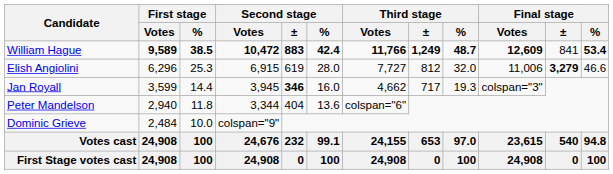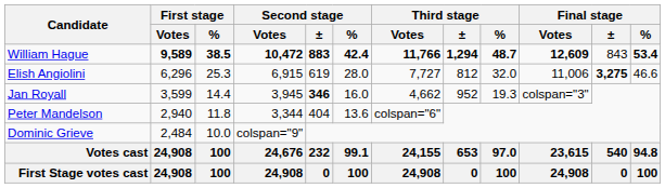 <table class="wikitable plainrowheaders" style="font-size:95%; text-align:right" |>
 <tr>
 <th rowspan="2">Candidate</th>
 <th colspan="2">First stage</th>
 <th colspan="3">Second stage</th>
 <th colspan="3">Third stage</th>
 <th colspan="3">Final stage</th>
 </tr>
 <tr>
 <th>Votes</th>
 <th style="width: 40px">%</th>
 <th style="width: 50px">Votes</th>
 <th>±</th>
 <th style="width: 40px">%</th>
 <th style="width: 50px">Votes</th>
 <th>±</th>
 <th style="width: 40px">%</th>
 <th style="width: 50px">Votes</th>
 <th style="width: 40px">±</th>
 <th>%</th>
 </tr>
 <tr>
 <td style="width: 170px; text-align:left"><a href='#'>William Hague</a></td>
 <td><strong>9,589</strong></td>
 <td><strong>38.5</strong></td>
 <td><strong>10,472</strong></td>
 <td><strong>883</strong></td>
 <td><strong>42.4</strong></td>
 <td><strong>11,766</strong></td>
-<td><strong>1,249</strong></td>
+<td><strong>1,294</strong></td>
 <td><strong>48.7</strong></td>
 <td><strong>12,609</strong></td>
-<td>841</td>
+<td>843</td>
 <td><strong>53.4</strong></td>
 </tr>
 <tr>
 <td style="width: 170px; text-align:left"><a href='#'>Elish Angiolini</a></td>
 <td>6,296</td>
 <td>25.3</td>
 <td>6,915</td>
 <td>619</td>
 <td>28.0</td>
 <td>7,727</td>
 <td>812</td>
 <td>32.0</td>
 <td>11,006</td>
-<td><strong>3,279</strong></td>
+<td><strong>3,275</strong></td>
 <td>46.6</td>
 </tr>
 <tr>
 <td style="width: 170px; text-align:left"><a href='#'>Jan Royall</a></td>
 <td>3,599</td>
 <td>14.4</td>
 <td>3,945</td>
 <td><strong>346</strong></td>
 <td>16.0</td>
 <td>4,662</td>
-<td>717</td>
+<td>952</td>
 <td>19.3</td>
 <td>colspan="3" </td>
 </tr>
 <tr>
 <td style="width: 170px; text-align:left"><a href='#'>Peter Mandelson</a></td>
 <td>2,940</td>
 <td>11.8</td>
 <td>3,344</td>
 <td>404</td>
 <td>13.6</td>
 <td>colspan="6" </td>
 </tr>
 <tr>
 <td style="width: 170px; text-align:left"><a href='#'>Dominic Grieve</a></td>
 <td>2,484</td>
 <td>10.0</td>
 <td>colspan="9" </td>
 </tr>
 <tr>
 <th style="text-align:right;">Votes cast</th>
 <th scope="row" style="text-align:right;">24,908</th>
 <th scope="row" style="text-align:right;">100</th>
 <th scope="row" style="text-align:right;">24,676</th>
 <th scope="row" style="text-align:right;">232</th>
 <th scope="row" style="text-align:right;">99.1</th>
 <th scope="row" style="text-align:right;">24,155</th>
 <th scope="row" style="text-align:right;">653</th>
 <th scope="row" style="text-align:right;">97.0</th>
 <th scope="row" style="text-align:right;">23,615</th>
 <th scope="row" style="text-align:right;">540</th>
 <th scope="row" style="text-align:right;">94.8</th>
 </tr>
 <tr>
 <th scope="row" style="text-align:right;">First Stage votes cast</th>
 <th scope="row" style="text-align:right;">24,908</th>
 <th scope="row" style="text-align:right;">100</th>
 <th scope="row" style="text-align:right;">24,908</th>
 <th scope="row" style="text-align:right;">0</th>
 <th scope="row" style="text-align:right;">100</th>
 <th scope="row" style="text-align:right;">24,908</th>
 <th scope="row" style="text-align:right;">0</th>
 <th scope="row" style="text-align:right;">100</th>
 <th scope="row" style="text-align:right;">24,908</th>
 <th scope="row" style="text-align:right;">0</th>
 <th scope="row" style="text-align:right;">100</th>
 </tr>
 </table>
